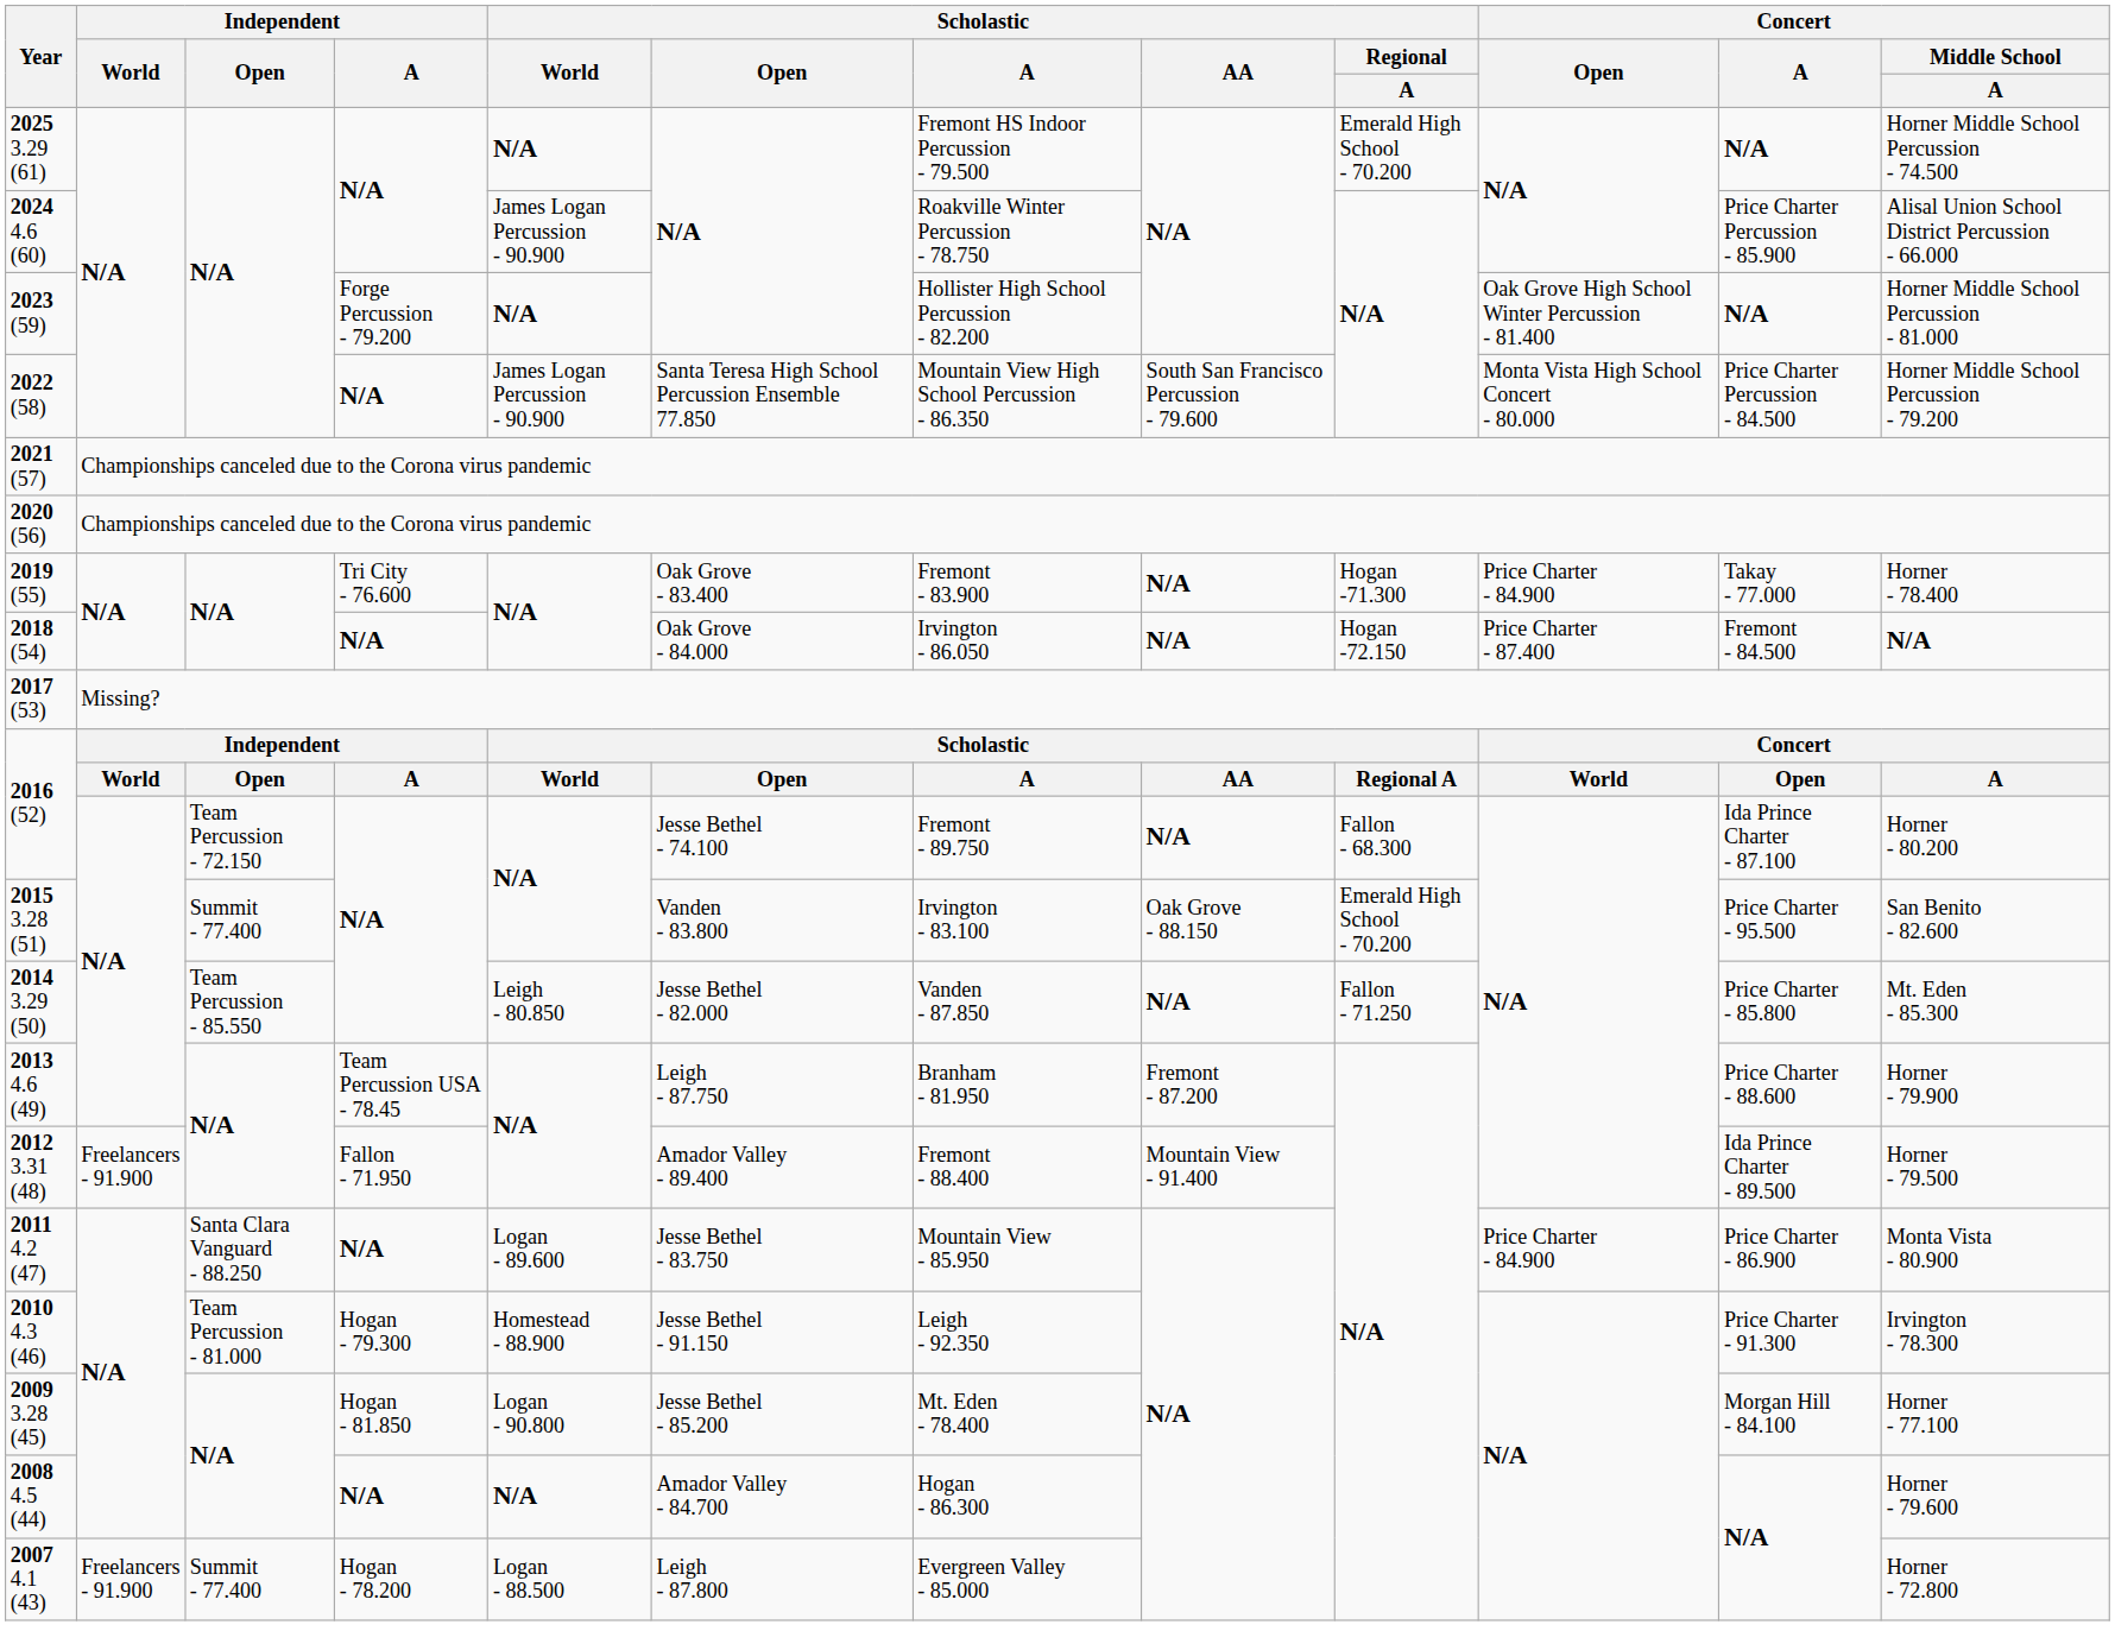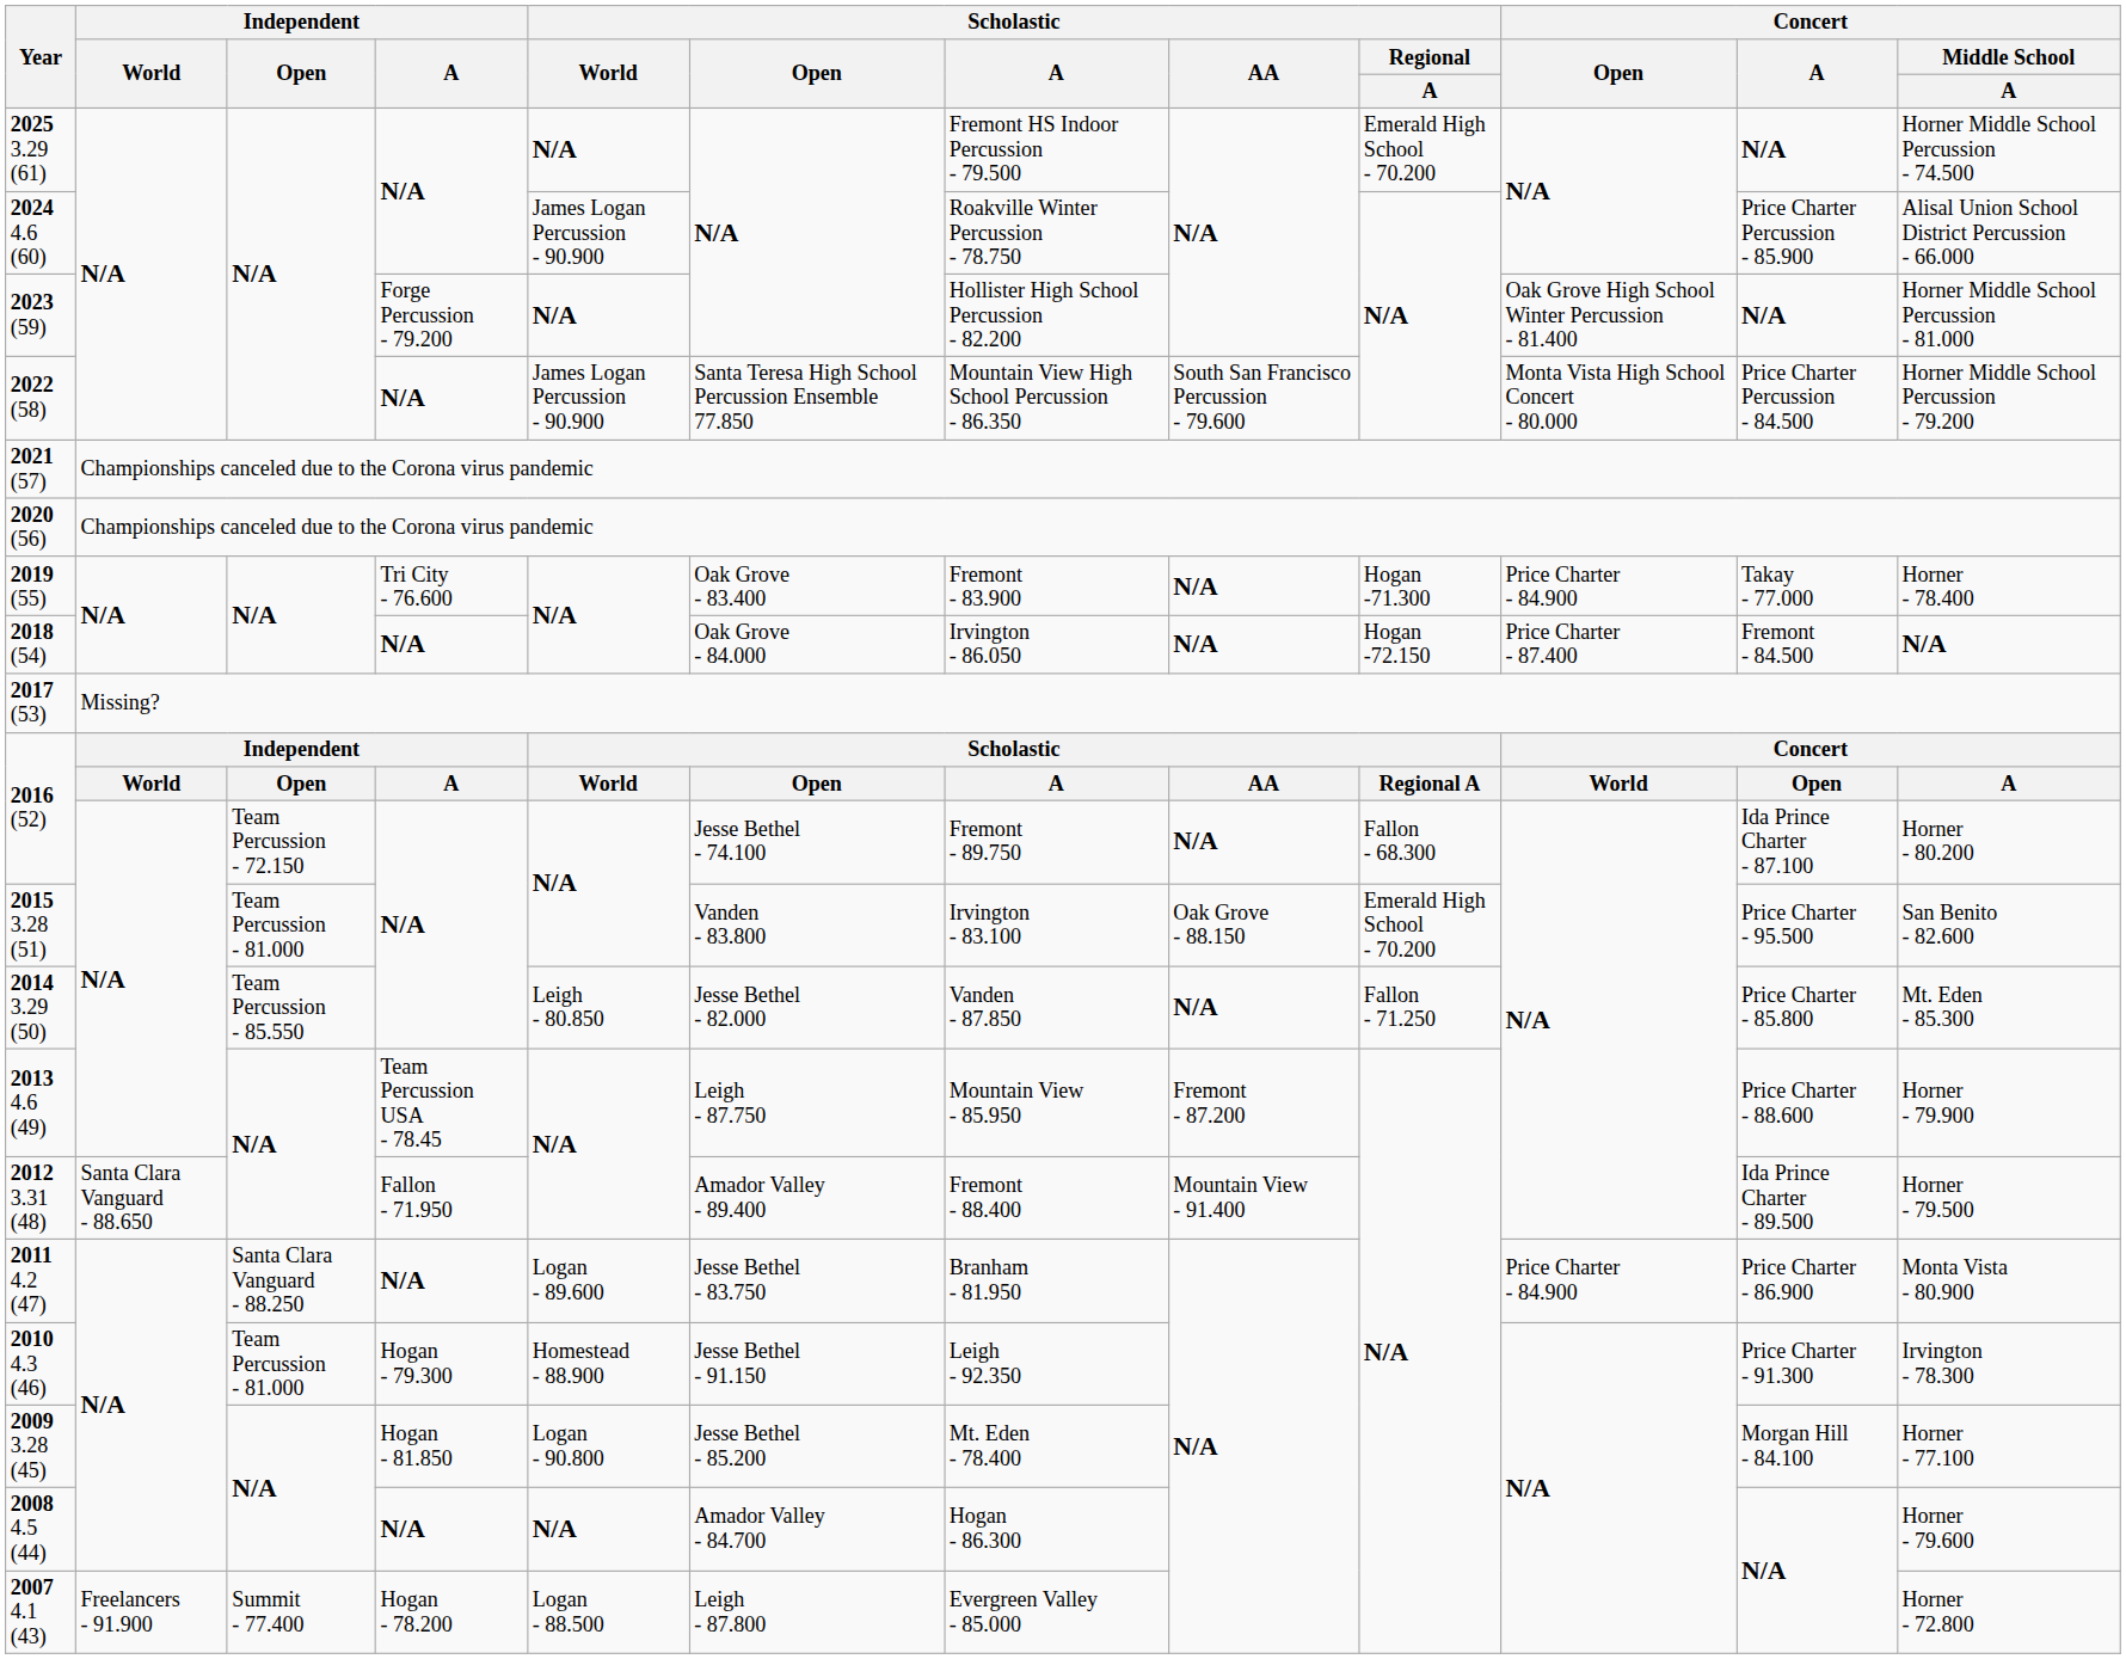 <table class="wikitable">
 <tr>
 <th rowspan="3">Year</th>
 <th colspan="3">Independent</th>
 <th colspan="5">Scholastic</th>
 <th colspan="3">Concert</th>
 </tr>
 <tr>
 <th rowspan="2">World</th>
 <th rowspan="2">Open</th>
 <th rowspan="2">A</th>
 <th rowspan="2">World</th>
 <th rowspan="2">Open</th>
 <th rowspan="2">A</th>
 <th rowspan="2">AA</th>
 <th>Regional</th>
 <th rowspan="2">Open</th>
 <th rowspan="2">A</th>
 <th>Middle School</th>
 </tr>
 <tr>
 <th>A</th>
 <th>A</th>
 </tr>
 <tr>
 <td><strong>2025</strong><br>3.29 (61)</td>
 <td rowspan="4"><strong><big>N/A</big></strong></td>
 <td rowspan="4"><strong><big>N/A</big></strong></td>
 <td rowspan="2"><strong><big>N/A</big></strong></td>
 <td><strong><big>N/A</big></strong></td>
 <td rowspan="3"><strong><big>N/A</big></strong></td>
 <td>Fremont HS Indoor Percussion<br>- 79.500</td>
 <td rowspan="3"><strong><big>N/A</big></strong></td>
 <td>Emerald High School<br>- 70.200</td>
 <td rowspan="2"><strong><big>N/A</big></strong></td>
 <td><strong><big>N/A</big></strong></td>
 <td>Horner Middle School Percussion<br>- 74.500</td>
 </tr>
 <tr>
 <td><strong>2024</strong><br>4.6 (60)</td>
 <td>James Logan Percussion<br>- 90.900</td>
 <td>Roakville Winter Percussion<br>- 78.750</td>
 <td rowspan="3"><strong><big>N/A</big></strong></td>
 <td>Price Charter Percussion<br>- 85.900</td>
 <td>Alisal Union School District Percussion<br>- 66.000</td>
 </tr>
 <tr>
 <td><strong>2023</strong><br>(59)</td>
 <td>Forge Percussion<br>- 79.200</td>
 <td><strong><big>N/A</big></strong></td>
 <td>Hollister High School Percussion<br>- 82.200</td>
 <td>Oak Grove High School Winter Percussion<br>- 81.400</td>
 <td><strong><big>N/A</big></strong></td>
 <td>Horner Middle School Percussion<br>- 81.000</td>
 </tr>
 <tr>
 <td><strong>2022</strong><br>(58)</td>
 <td><strong><big>N/A</big></strong></td>
 <td>James Logan Percussion<br>- 90.900</td>
 <td>Santa Teresa High School Percussion Ensemble<br>77.850</td>
 <td>Mountain View High School Percussion<br>- 86.350</td>
 <td>South San Francisco Percussion<br>- 79.600</td>
 <td>Monta Vista High School Concert<br>- 80.000</td>
 <td>Price Charter Percussion<br>- 84.500</td>
 <td>Horner Middle School Percussion<br>- 79.200</td>
 </tr>
 <tr>
 <td><strong>2021</strong><br>(57)</td>
 <td colspan="11">Championships canceled due to the Corona virus pandemic</td>
 </tr>
 <tr>
 <td><strong>2020</strong><br>(56)</td>
 <td colspan="11">Championships canceled due to the Corona virus pandemic</td>
 </tr>
 <tr>
 <td><strong>2019</strong><br>(55)</td>
 <td rowspan="2"><strong><big>N/A</big></strong></td>
 <td rowspan="2"><strong><big>N/A</big></strong></td>
 <td>Tri City<br>- 76.600</td>
 <td rowspan="2"><strong><big>N/A</big></strong></td>
 <td>Oak Grove<br>- 83.400</td>
 <td>Fremont<br>- 83.900</td>
 <td><strong><big>N/A</big></strong></td>
 <td>Hogan<br>-71.300</td>
 <td>Price Charter<br>- 84.900</td>
 <td>Takay<br>- 77.000</td>
 <td>Horner<br>- 78.400</td>
 </tr>
 <tr>
 <td><strong>2018</strong><br>(54)</td>
 <td><strong><big>N/A</big></strong></td>
 <td>Oak Grove<br>- 84.000</td>
 <td>Irvington<br>- 86.050</td>
 <td><strong><big>N/A</big></strong></td>
 <td>Hogan<br>-72.150</td>
 <td>Price Charter<br>- 87.400</td>
 <td>Fremont<br>- 84.500</td>
 <td><strong><big>N/A</big></strong></td>
 </tr>
 <tr>
 <td><strong>2017</strong><br>(53)</td>
 <td colspan="11">Missing?</td>
 </tr>
 <tr>
 <td rowspan="3"><strong>2016</strong><br>(52)</td>
 <th colspan="3">Independent</th>
 <th colspan="5">Scholastic</th>
 <th colspan="3">Concert</th>
 </tr>
 <tr>
 <th>World</th>
 <th>Open</th>
 <th>A</th>
 <th>World</th>
 <th>Open</th>
 <th>A</th>
 <th>AA</th>
 <th>Regional A</th>
 <th>World</th>
 <th>Open</th>
 <th>A</th>
 </tr>
 <tr>
 <td rowspan="4"><strong><big>N/A</big></strong></td>
 <td>Team Percussion<br>- 72.150</td>
 <td rowspan="3"><strong><big>N/A</big></strong></td>
 <td rowspan="2"><strong><big>N/A</big></strong></td>
 <td>Jesse Bethel<br>- 74.100</td>
 <td>Fremont<br>- 89.750</td>
 <td><strong><big>N/A</big></strong></td>
 <td>Fallon<br>- 68.300</td>
 <td rowspan="5"><strong><big>N/A</big></strong></td>
 <td>Ida Prince Charter<br>- 87.100</td>
 <td>Horner<br>- 80.200</td>
 </tr>
 <tr>
 <td><strong>2015</strong><br>3.28 (51)</td>
-<td>Summit<br>- 77.400</td>
+<td>Team Percussion<br>- 81.000</td>
 <td>Vanden<br>- 83.800</td>
 <td>Irvington<br>- 83.100</td>
 <td>Oak Grove<br>- 88.150</td>
 <td>Emerald High School<br>- 70.200</td>
 <td>Price Charter<br>- 95.500</td>
 <td>San Benito<br>- 82.600</td>
 </tr>
 <tr>
 <td><strong>2014</strong><br>3.29 (50)</td>
 <td>Team Percussion<br>- 85.550</td>
 <td>Leigh<br>- 80.850</td>
 <td>Jesse Bethel<br>- 82.000</td>
 <td>Vanden<br>- 87.850</td>
 <td><strong><big>N/A</big></strong></td>
 <td>Fallon<br>- 71.250</td>
 <td>Price Charter<br>- 85.800</td>
 <td>Mt. Eden<br>- 85.300</td>
 </tr>
 <tr>
 <td><strong>2013</strong><br>4.6 (49)</td>
 <td rowspan="2"><strong><big>N/A</big></strong></td>
 <td>Team Percussion USA<br>- 78.45</td>
 <td rowspan="2"><strong><big>N/A</big></strong></td>
 <td>Leigh<br>- 87.750</td>
-<td>Branham<br>- 81.950</td>
+<td>Mountain View<br>- 85.950</td>
 <td>Fremont<br>- 87.200</td>
 <td rowspan="7"><strong><big>N/A</big></strong></td>
 <td>Price Charter<br>- 88.600</td>
 <td>Horner<br>- 79.900</td>
 </tr>
 <tr>
 <td><strong>2012</strong><br>3.31 (48)</td>
-<td>Freelancers<br>- 91.900</td>
+<td>Santa Clara Vanguard<br>- 88.650</td>
 <td>Fallon<br>- 71.950</td>
 <td>Amador Valley<br>- 89.400</td>
 <td>Fremont<br>- 88.400</td>
 <td>Mountain View<br>- 91.400</td>
 <td>Ida Prince Charter<br>- 89.500</td>
 <td>Horner<br>- 79.500</td>
 </tr>
 <tr>
 <td><strong>2011</strong><br>4.2 (47)</td>
 <td rowspan="4"><strong><big>N/A</big></strong></td>
 <td>Santa Clara Vanguard<br>- 88.250</td>
 <td><strong><big>N/A</big></strong></td>
 <td>Logan<br>- 89.600</td>
 <td>Jesse Bethel<br>- 83.750</td>
-<td>Mountain View<br>- 85.950</td>
+<td>Branham<br>- 81.950</td>
 <td rowspan="5"><strong><big>N/A</big></strong></td>
 <td>Price Charter<br>- 84.900</td>
 <td>Price Charter<br>- 86.900</td>
 <td>Monta Vista<br>- 80.900</td>
 </tr>
 <tr>
 <td><strong>2010</strong><br>4.3 (46)</td>
 <td>Team Percussion<br>- 81.000</td>
 <td>Hogan<br>- 79.300</td>
 <td>Homestead<br>- 88.900</td>
 <td>Jesse Bethel<br>- 91.150</td>
 <td>Leigh<br>- 92.350</td>
 <td rowspan="4"><strong><big>N/A</big></strong></td>
 <td>Price Charter<br>- 91.300</td>
 <td>Irvington<br>- 78.300</td>
 </tr>
 <tr>
 <td><strong>2009</strong><br>3.28 (45)</td>
 <td rowspan="2"><strong><big>N/A</big></strong></td>
 <td>Hogan<br>- 81.850</td>
 <td>Logan<br>- 90.800</td>
 <td>Jesse Bethel<br>- 85.200</td>
 <td>Mt. Eden<br>- 78.400</td>
 <td>Morgan Hill<br>- 84.100</td>
 <td>Horner<br>- 77.100</td>
 </tr>
 <tr>
 <td><strong>2008</strong><br>4.5 (44)</td>
 <td><strong><big>N/A</big></strong></td>
 <td><strong><big>N/A</big></strong></td>
 <td>Amador Valley<br>- 84.700</td>
 <td>Hogan<br>- 86.300</td>
 <td rowspan="2"><strong><big>N/A</big></strong></td>
 <td>Horner<br>- 79.600</td>
 </tr>
 <tr>
 <td><strong>2007</strong><br>4.1 (43)</td>
 <td>Freelancers<br>- 91.900</td>
 <td>Summit<br>- 77.400</td>
 <td>Hogan<br>- 78.200</td>
 <td>Logan<br>- 88.500</td>
 <td>Leigh<br>- 87.800</td>
 <td>Evergreen Valley<br>- 85.000</td>
 <td>Horner<br>- 72.800</td>
 </tr>
 </table>
